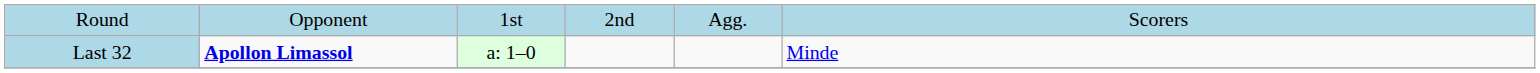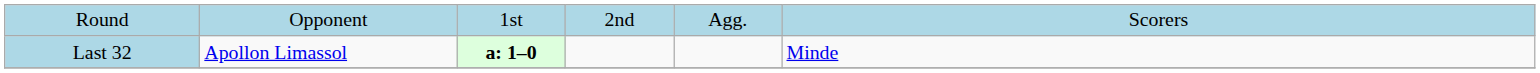 <table class="wikitable" style="text-align:center">
 <tr bgcolor=lightblue>
 <td width=150px>Round</td>
 <td width=200px>Opponent</td>
 <td width=80px>1st</td>
 <td width=80px>2nd</td>
 <td width=80px>Agg.</td>
 <td width=600px>Scorers</td>
 </tr>
 <tr>
 <td bgcolor=lightblue>Last 32</td>
-<td align=left><strong> <a href='#'>Apollon Limassol</a></strong></td>
-<td bgcolor="#ddffdd">a: 1–0</td>
+<td align=left> <a href='#'>Apollon Limassol</a></td>
+<td bgcolor="#ddffdd"><strong>a: 1–0</strong></td>
 <td></td>
 <td></td>
 <td align=left><a href='#'>Minde</a></td>
 </tr>
 <tr>
 </tr>
 </table>
